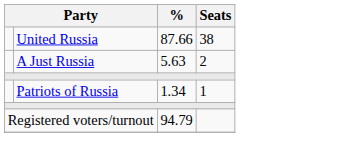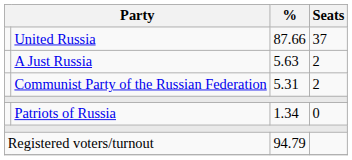 <table class="wikitable">
 <tr>
 <th colspan=2>Party</th>
 <th>%</th>
 <th>Seats</th>
 </tr>
 <tr>
 <td style="background:"></td>
 <td><a href='#'>United Russia</a></td>
 <td>87.66</td>
-<td>38</td>
+<td>37</td>
 </tr>
 <tr>
 <td style="background:"></td>
 <td><a href='#'>A Just Russia</a></td>
 <td>5.63</td>
+<td>2</td>
+</tr>
+<tr>
+<td style="background:"></td>
+<td><a href='#'>Communist Party of the Russian Federation</a></td>
+<td>5.31</td>
 <td>2</td>
 </tr>
 <tr>
 <td colspan=4 style="background:#E9E9E9;"></td>
 </tr>
 <tr>
 <td style="background:"></td>
 <td><a href='#'>Patriots of Russia</a></td>
 <td>1.34</td>
-<td>1</td>
+<td>0</td>
 </tr>
 <tr>
 <td colspan=4 style="background:#E9E9E9;"></td>
 </tr>
 <tr>
 <td align=left colspan=2>Registered voters/turnout</td>
 <td>94.79</td>
 <td></td>
 </tr>
 <tr>
 </tr>
 </table>
